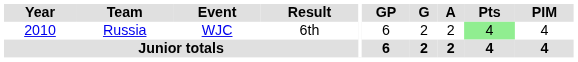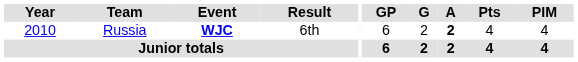 <table border="0" cellpadding="1" cellspacing="0" ID="Table3" style="text-align:center; width:40em">
 <tr ALIGN="center" bgcolor="#e0e0e0">
 <th>Year</th>
 <th>Team</th>
 <th>Event</th>
 <th>Result</th>
 <th rowspan="99" bgcolor="#ffffff"></th>
 <th>GP</th>
 <th>G</th>
 <th>A</th>
 <th>Pts</th>
 <th>PIM</th>
 </tr>
 <tr ALIGN="center">
 <td><a href='#'>2010</a></td>
 <td><a href='#'>Russia</a></td>
-<td><a href='#'>WJC</a></td>
+<td><strong><a href='#'>WJC</a></strong></td>
 <td>6th</td>
 <td>6</td>
 <td>2</td>
-<td>2</td>
-<td style="background: lightgreen;">4</td>
+<td><strong>2</strong></td>
+<td>4</td>
 <td>4</td>
 </tr>
 <tr bgcolor="#e0e0e0">
 <th colspan="4">Junior totals</th>
 <th>6</th>
 <th>2</th>
 <th>2</th>
 <th>4</th>
 <th>4</th>
 </tr>
 </table>
